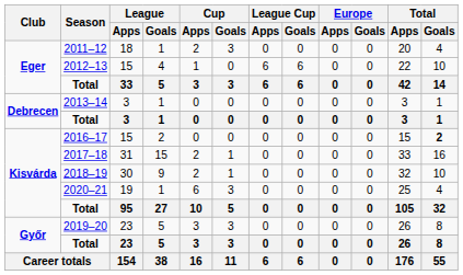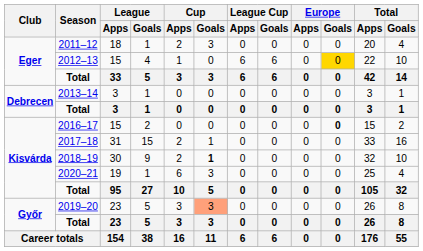 <table class="wikitable" style="font-size:90%; text-align: center;">
 <tr>
 <th rowspan="2">Club</th>
 <th rowspan="2">Season</th>
 <th colspan="2">League</th>
 <th colspan="2">Cup</th>
 <th colspan="2">League Cup</th>
 <th colspan="2"><a href='#'>Europe</a></th>
 <th colspan="2">Total</th>
 </tr>
 <tr>
 <th>Apps</th>
 <th>Goals</th>
 <th>Apps</th>
 <th>Goals</th>
 <th>Apps</th>
 <th>Goals</th>
 <th>Apps</th>
 <th>Goals</th>
 <th>Apps</th>
 <th>Goals</th>
 </tr>
 <tr>
 <td rowspan="3" align=center valign=center><strong><a href='#'>Eger</a></strong></td>
 <td !colspan="2"><a href='#'>2011–12</a></td>
 <td>18</td>
 <td>1</td>
 <td>2</td>
 <td>3</td>
 <td>0</td>
 <td>0</td>
 <td>0</td>
 <td>0</td>
 <td>20</td>
 <td>4</td>
 </tr>
 <tr>
 <td !colspan="2"><a href='#'>2012–13</a></td>
 <td>15</td>
 <td>4</td>
 <td>1</td>
 <td>0</td>
 <td>6</td>
 <td>6</td>
 <td>0</td>
-<td>0</td>
+<td style="background: gold;">0</td>
 <td>22</td>
 <td>10</td>
 </tr>
 <tr>
 <td !colspan="2"><strong>Total</strong></td>
 <th>33</th>
 <th>5</th>
 <th>3</th>
 <th>3</th>
 <th>6</th>
 <th>6</th>
 <th>0</th>
 <th>0</th>
 <th>42</th>
 <th>14</th>
 </tr>
 <tr>
 <td rowspan="2" align=center valign=center><strong><a href='#'>Debrecen</a></strong></td>
 <td !colspan="2"><a href='#'>2013–14</a></td>
 <td>3</td>
 <td>1</td>
 <td>0</td>
 <td>0</td>
 <td>0</td>
 <td>0</td>
 <td>0</td>
 <td>0</td>
 <td>3</td>
 <td>1</td>
 </tr>
 <tr>
 <td !colspan="2"><strong>Total</strong></td>
 <th>3</th>
 <th>1</th>
 <th>0</th>
 <th>0</th>
 <th>0</th>
 <th>0</th>
 <th>0</th>
 <th>0</th>
 <th>3</th>
 <th>1</th>
 </tr>
 <tr>
 <td rowspan="5" align=center valign=center><strong><a href='#'>Kisvárda</a></strong></td>
 <td !colspan="2"><a href='#'>2016–17</a></td>
 <td>15</td>
 <td>2</td>
 <td>0</td>
 <td>0</td>
 <td>0</td>
 <td>0</td>
 <td>0</td>
-<td>0</td>
+<td><strong>0</strong></td>
 <td>15</td>
-<td><strong>2</strong></td>
+<td>2</td>
 </tr>
 <tr>
 <td !colspan="2"><a href='#'>2017–18</a></td>
 <td>31</td>
 <td>15</td>
 <td>2</td>
 <td>1</td>
 <td>0</td>
 <td>0</td>
 <td>0</td>
 <td>0</td>
 <td>33</td>
 <td>16</td>
 </tr>
 <tr>
 <td !colspan="2"><a href='#'>2018–19</a></td>
 <td>30</td>
 <td>9</td>
 <td>2</td>
-<td>1</td>
+<td><strong>1</strong></td>
 <td>0</td>
 <td>0</td>
 <td>0</td>
 <td>0</td>
 <td>32</td>
 <td>10</td>
 </tr>
 <tr>
 <td !colspan="2"><a href='#'>2020–21</a></td>
 <td>19</td>
 <td>1</td>
 <td>6</td>
 <td>3</td>
 <td>0</td>
 <td>0</td>
 <td>0</td>
 <td>0</td>
 <td>25</td>
 <td>4</td>
 </tr>
 <tr>
 <td !colspan="2"><strong>Total</strong></td>
 <th>95</th>
 <th>27</th>
 <th>10</th>
 <th>5</th>
 <th>0</th>
 <th>0</th>
 <th>0</th>
 <th>0</th>
 <th>105</th>
 <th>32</th>
 </tr>
 <tr>
 <td rowspan="2" align=center valign=center><strong><a href='#'>Győr</a></strong></td>
 <td !colspan="2"><a href='#'>2019–20</a></td>
 <td>23</td>
 <td>5</td>
 <td>3</td>
-<td>3</td>
+<td style="background: lightsalmon;">3</td>
 <td>0</td>
 <td>0</td>
 <td>0</td>
 <td>0</td>
 <td>26</td>
 <td>8</td>
 </tr>
 <tr>
 <td !colspan="2"><strong>Total</strong></td>
 <th>23</th>
 <th>5</th>
 <th>3</th>
 <th>3</th>
 <th>0</th>
 <th>0</th>
 <th>0</th>
 <th>0</th>
 <th>26</th>
 <th>8</th>
 </tr>
 <tr>
 <th colspan="2">Career totals</th>
 <th>154</th>
 <th>38</th>
 <th>16</th>
 <th>11</th>
 <th>6</th>
 <th>6</th>
 <th>0</th>
 <th>0</th>
 <th>176</th>
 <th>55</th>
 </tr>
 </table>
